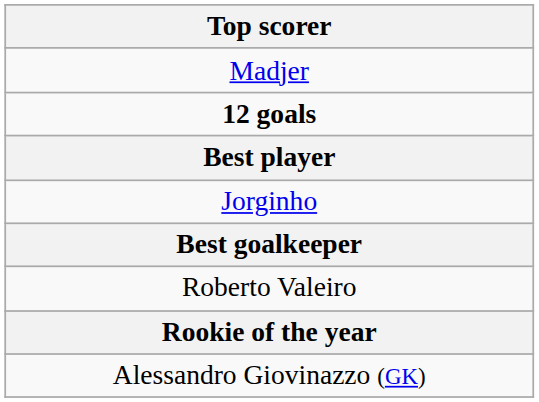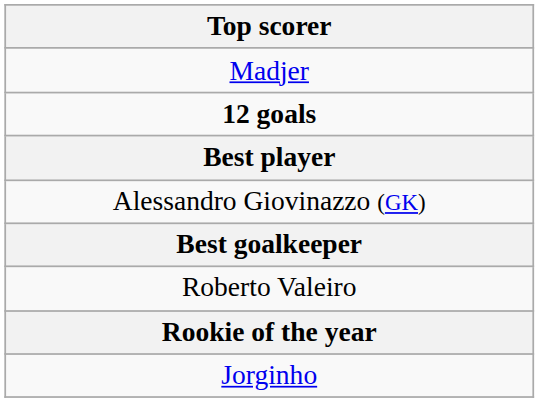 <table class="wikitable" style="margin: 1em auto 1em auto;">
 <tr>
 <th width=300>Top scorer</th>
 </tr>
 <tr align=center style="background:">
 <td style="text-align:center;"> <a href='#'>Madjer</a></td>
 </tr>
 <tr>
 <td style="text-align:center;"><strong>12 goals</strong></td>
 </tr>
 <tr>
 <th>Best player</th>
 </tr>
 <tr>
-<td style="text-align:center;"> <a href='#'>Jorginho</a></td>
+<td style="text-align:center;"> Alessandro Giovinazzo <small>(<a href='#'>GK</a>)</small></td>
 </tr>
 <tr>
 <th>Best goalkeeper</th>
 </tr>
 <tr>
 <td style="text-align:center;"> Roberto Valeiro</td>
 </tr>
 <tr>
 <th>Rookie of the year</th>
 </tr>
 <tr>
-<td style="text-align:center;"> Alessandro Giovinazzo <small>(<a href='#'>GK</a>)</small></td>
+<td style="text-align:center;"> <a href='#'>Jorginho</a></td>
 </tr>
 </table>
